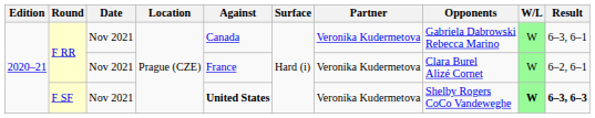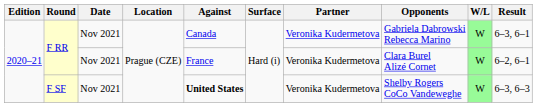 <table class="wikitable">
 <tr>
 <th>Edition</th>
 <th>Round</th>
 <th>Date</th>
 <th>Location</th>
 <th>Against</th>
 <th>Surface</th>
 <th>Partner</th>
 <th>Opponents</th>
 <th>W/L</th>
 <th>Result</th>
 </tr>
 <tr>
 <td rowspan="3"><a href='#'>2020–21</a></td>
 <td rowspan="2" bgcolor=ffffcc><a href='#'>F RR</a></td>
 <td>Nov 2021</td>
 <td rowspan="3">Prague (CZE)</td>
 <td> <a href='#'>Canada</a></td>
 <td rowspan="3">Hard (i)</td>
 <td><a href='#'>Veronika Kudermetova</a></td>
 <td><a href='#'>Gabriela Dabrowski</a> <br> <a href='#'>Rebecca Marino</a></td>
 <td align=center bgcolor=98FB98>W</td>
 <td>6–3, 6–1</td>
 </tr>
 <tr>
 <td>Nov 2021</td>
 <td> <a href='#'>France</a></td>
 <td>Veronika Kudermetova</td>
 <td><a href='#'>Clara Burel</a> <br> <a href='#'>Alizé Cornet</a></td>
 <td align=center bgcolor=98FB98>W</td>
 <td>6–2, 6–1</td>
 </tr>
 <tr>
 <td bgcolor=ffffcc><a href='#'>F SF</a></td>
 <td>Nov 2021</td>
 <td><strong> United States</strong></td>
 <td>Veronika Kudermetova</td>
 <td><a href='#'>Shelby Rogers</a> <br> <a href='#'>CoCo Vandeweghe</a></td>
-<td align=center bgcolor=98FB98><strong>W</strong></td>
-<td><strong>6–3, 6–3</strong></td>
+<td align=center bgcolor=98FB98>W</td>
+<td>6–3, 6–3</td>
 </tr>
 </table>
